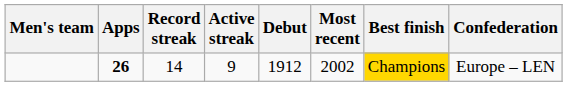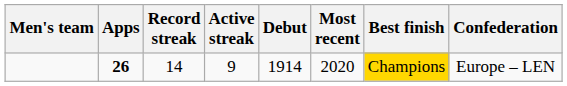 <table class="wikitable" style="text-align: center; font-size: 90%; margin-left: 1em;">
 <tr>
 <th>Men's team</th>
 <th>Apps</th>
 <th>Record<br>streak</th>
 <th>Active<br>streak</th>
 <th>Debut</th>
 <th>Most<br>recent</th>
 <th>Best finish</th>
 <th>Confederation</th>
 </tr>
 <tr>
 <td style="text-align: left;"></td>
 <td><strong>26</strong></td>
 <td>14</td>
 <td>9</td>
-<td>1912</td>
-<td>2002</td>
+<td>1914</td>
+<td>2020</td>
 <td style="background-color: gold;">Champions</td>
 <td>Europe – LEN</td>
 </tr>
 </table>
